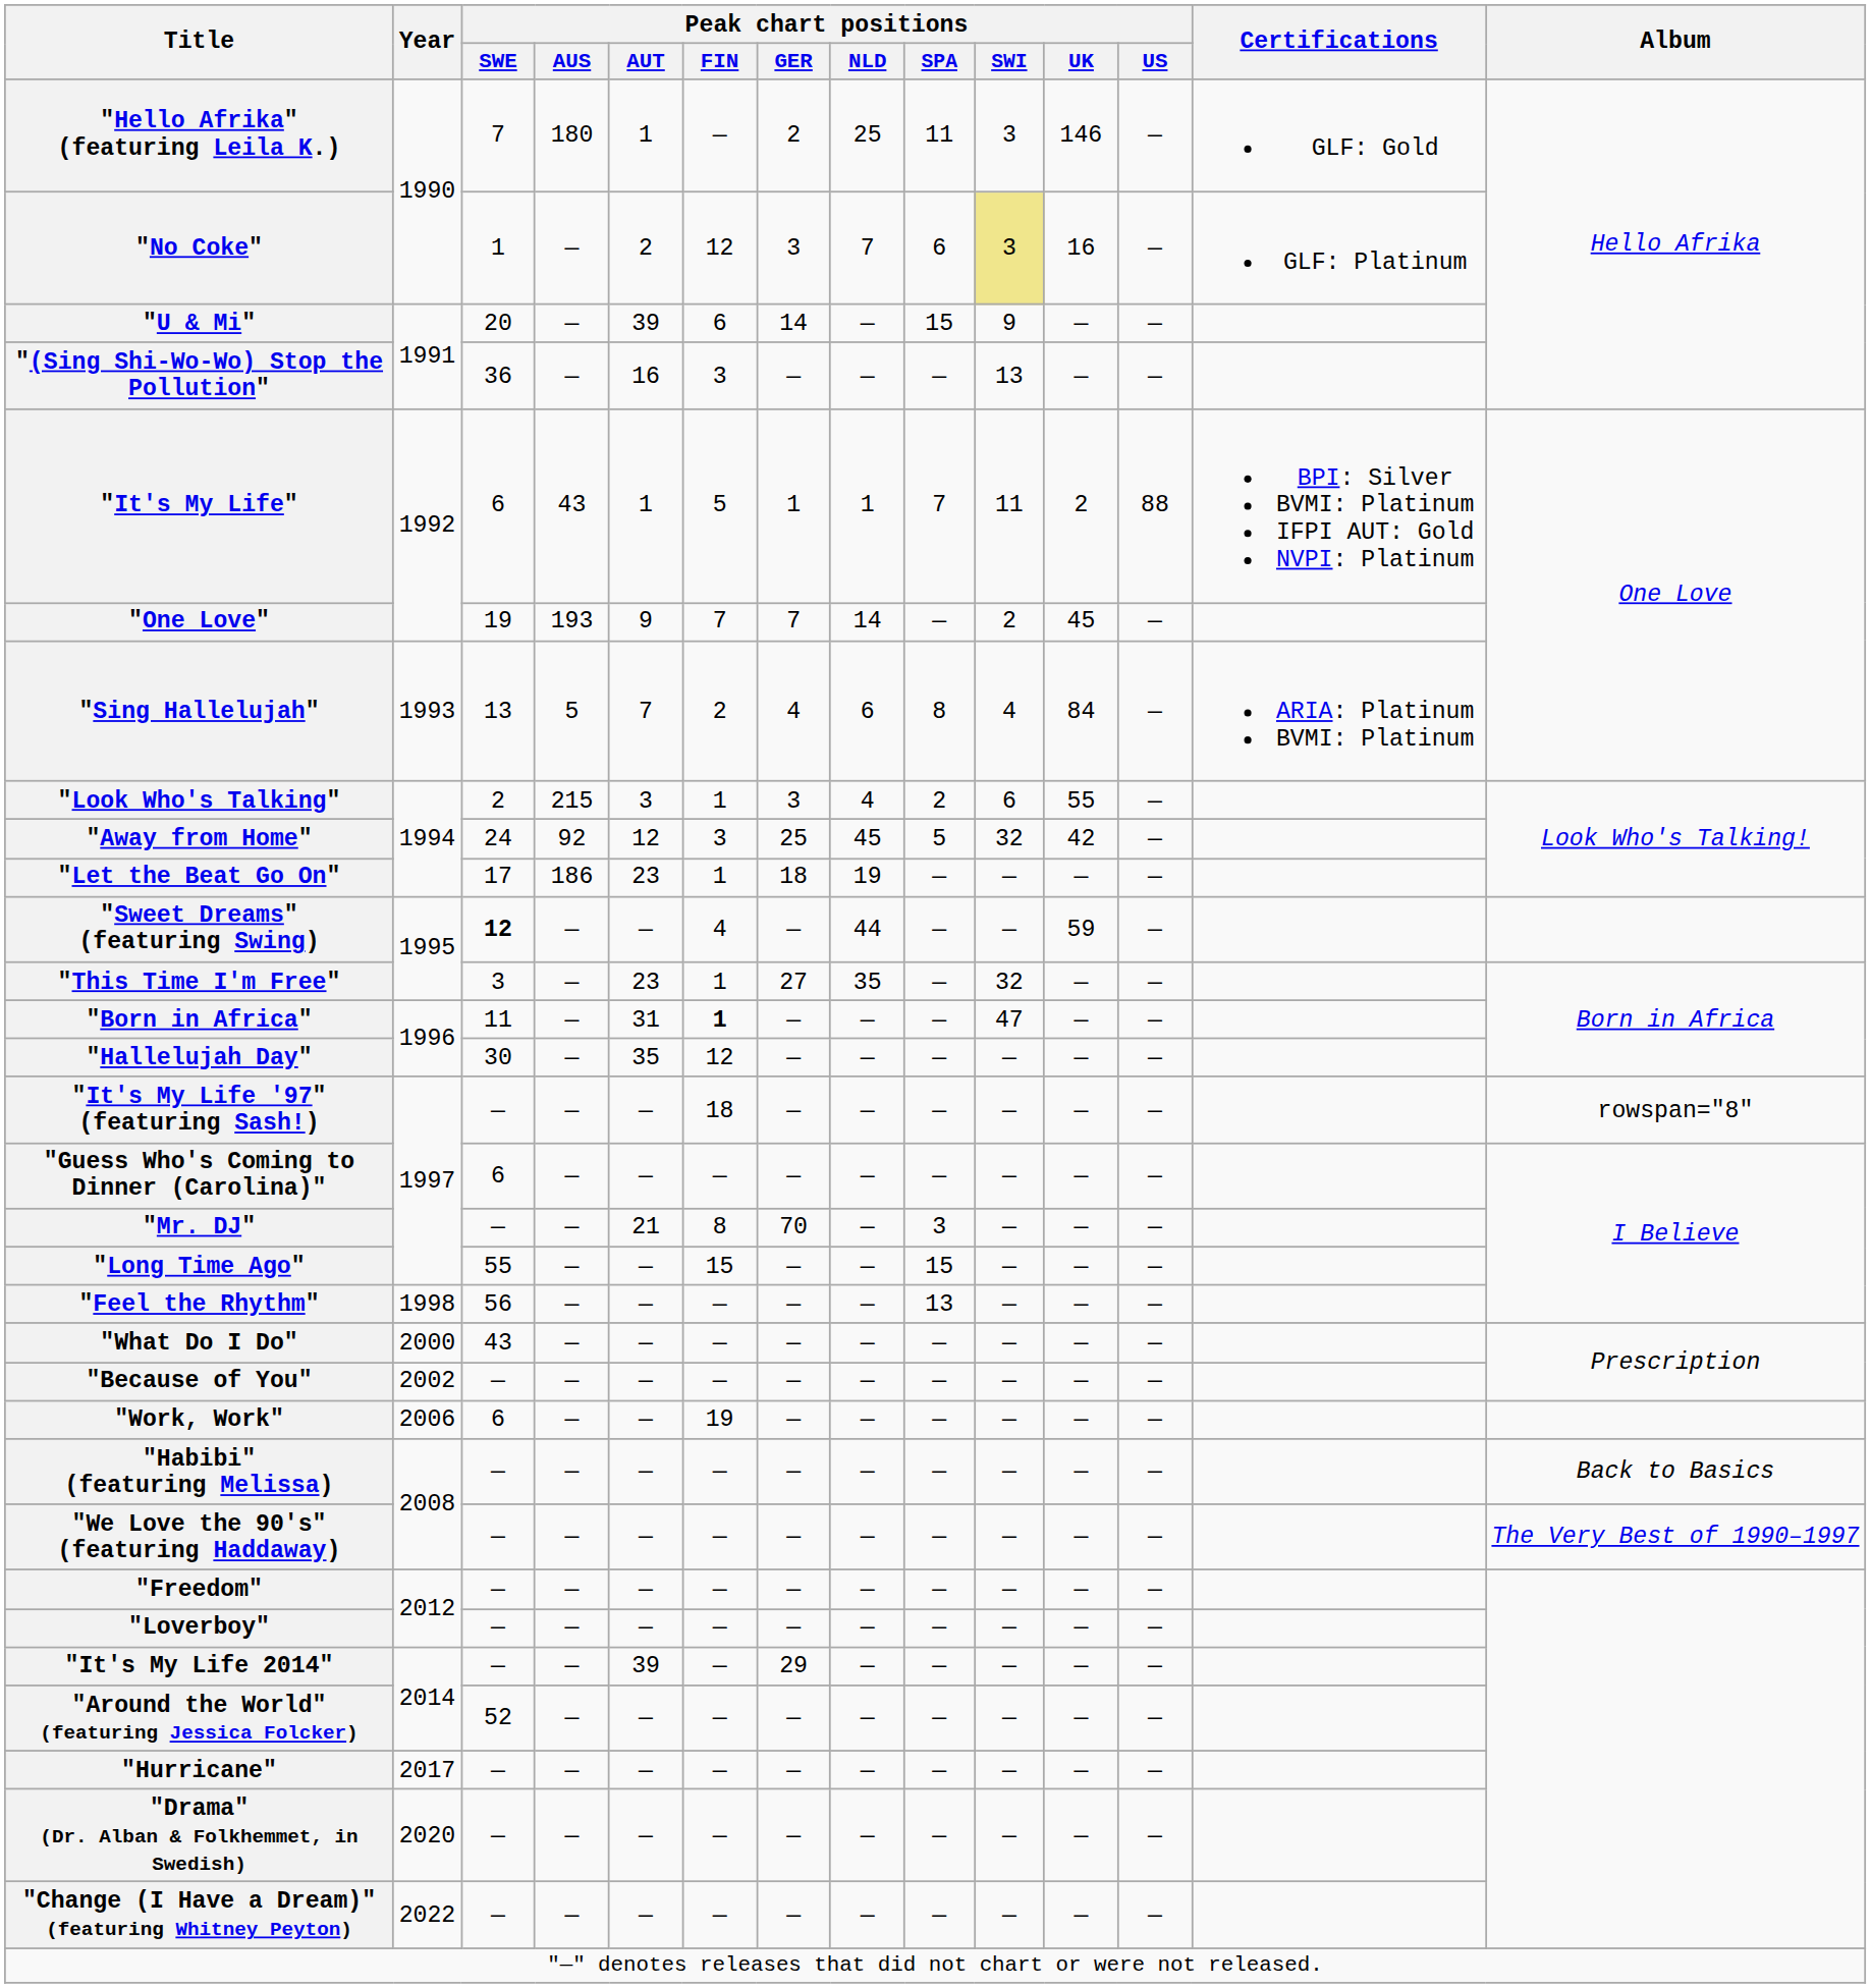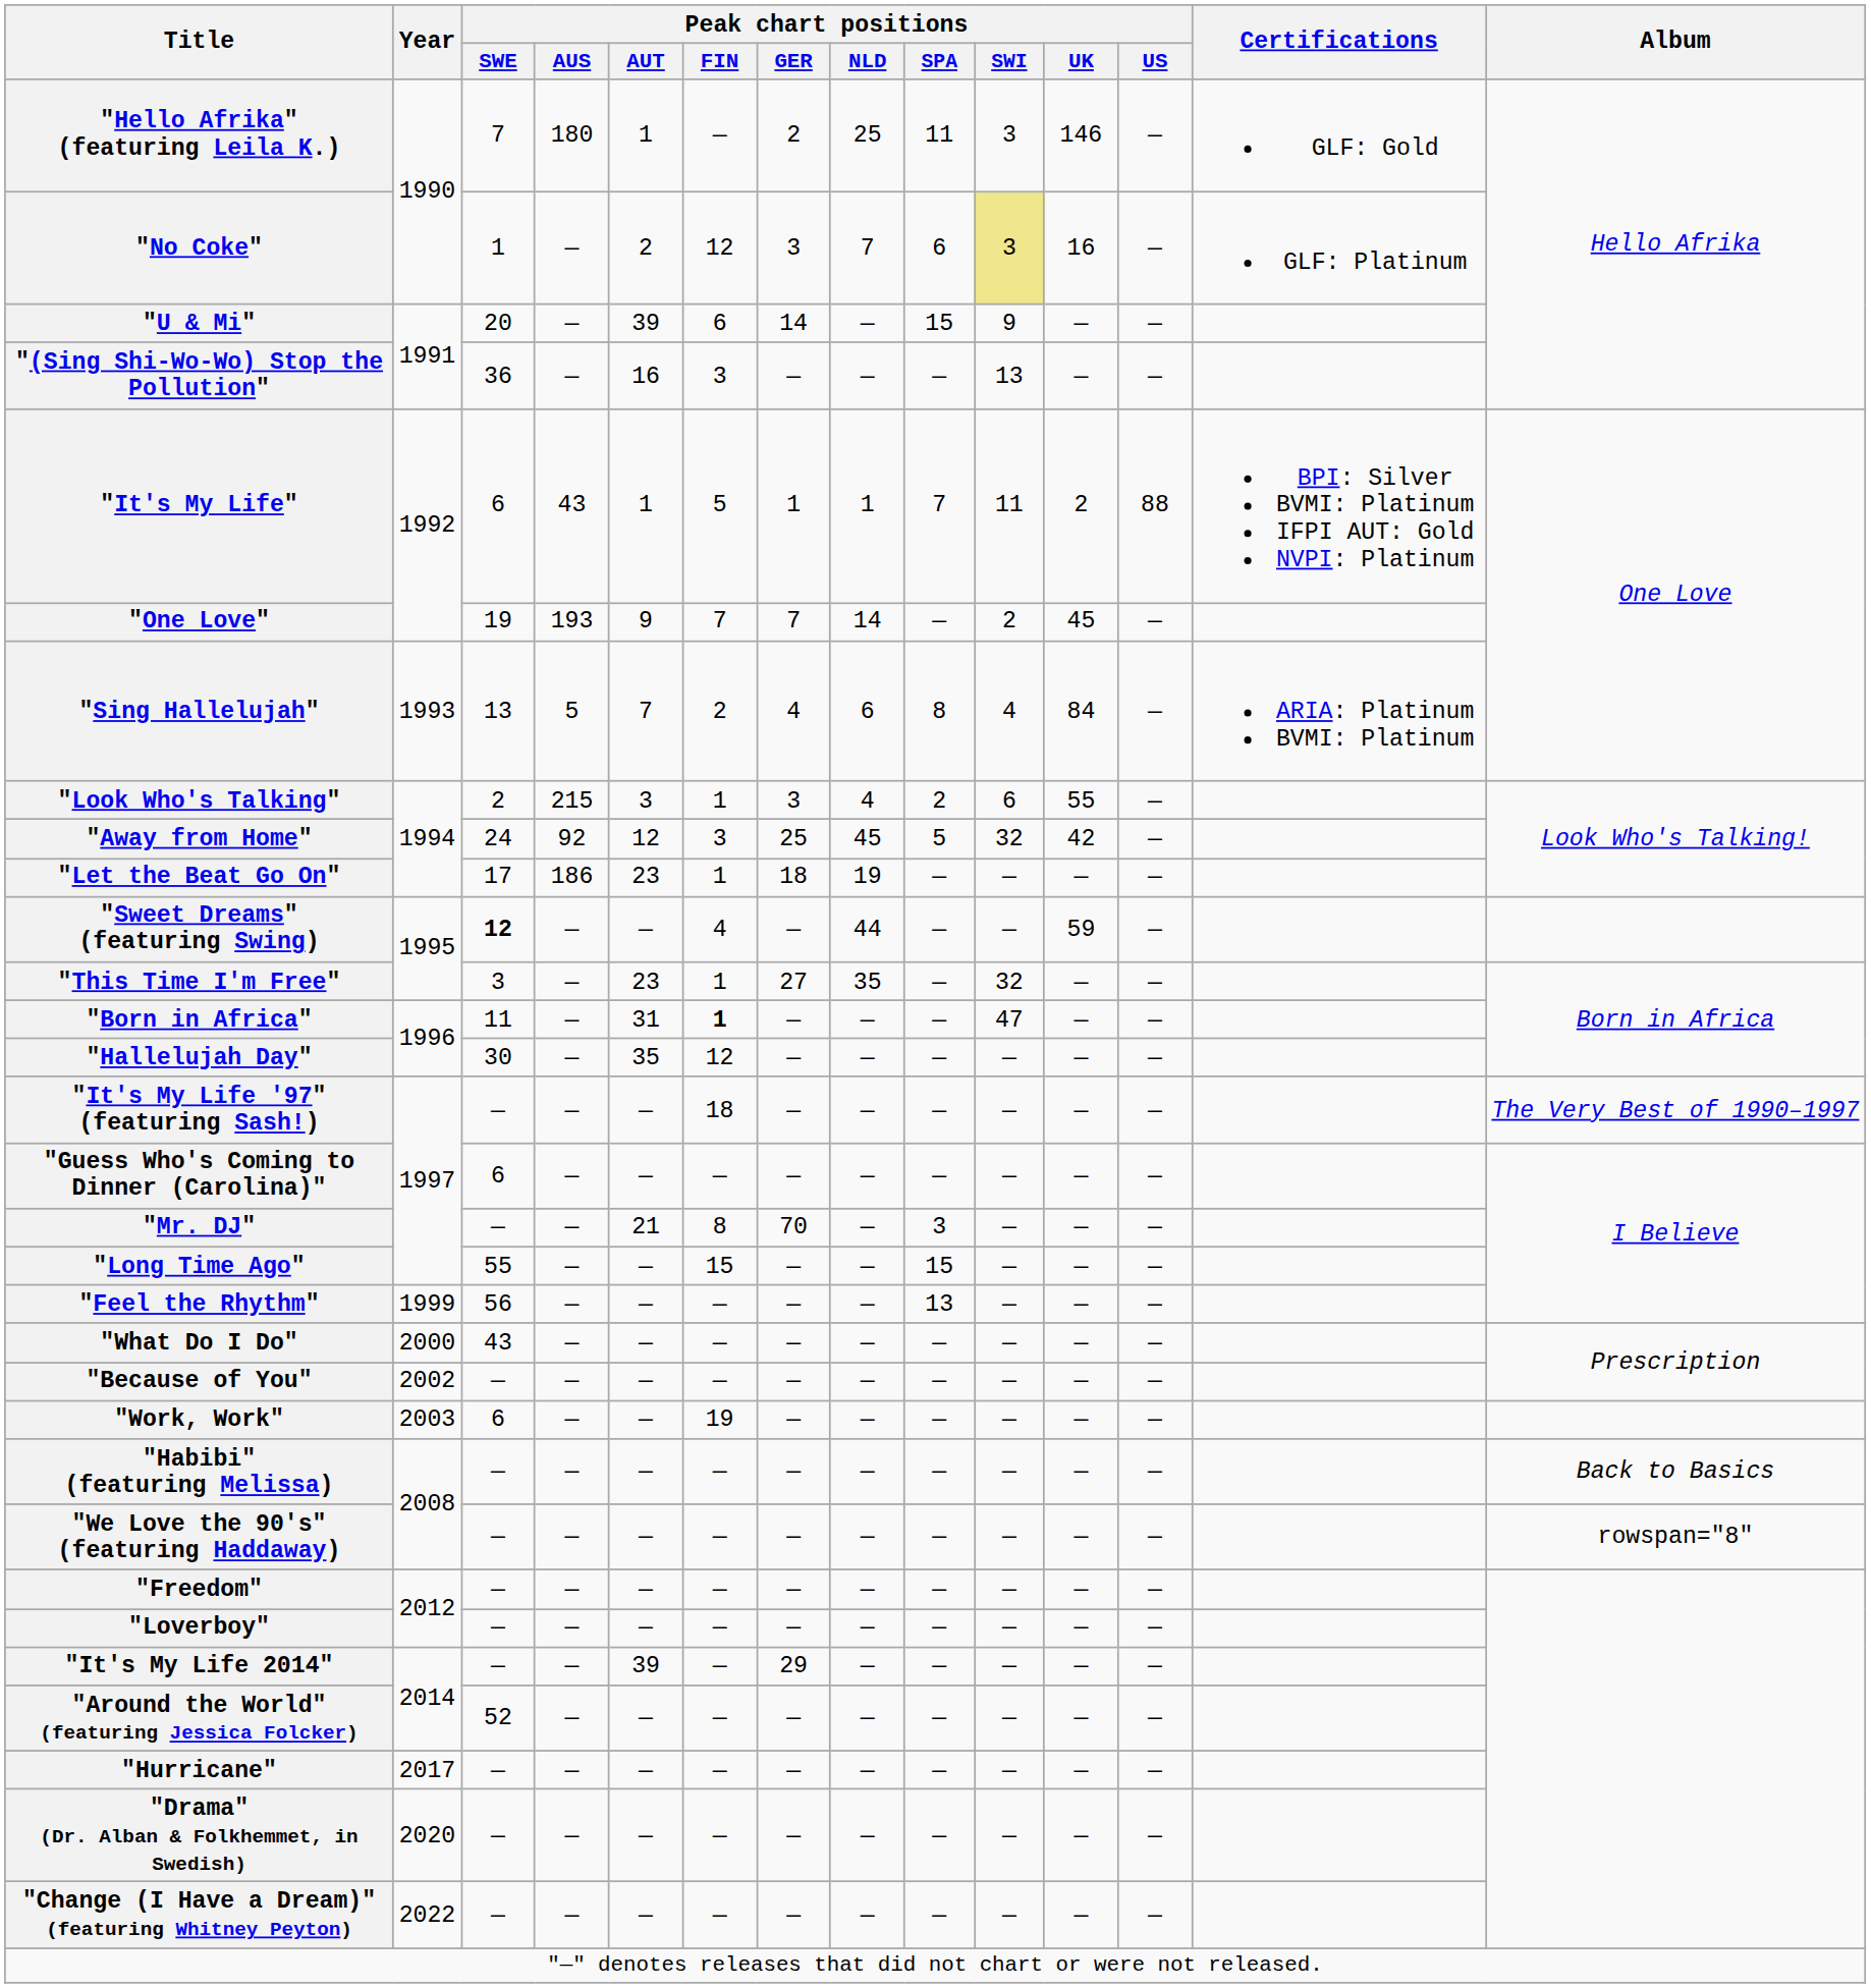 <table class="wikitable plainrowheaders" style="text-align:center;">
 <tr>
 <th scope="col" rowspan="2" style="width:16em;">Title</th>
 <th scope="col" rowspan="2">Year</th>
 <th scope="col" colspan="10">Peak chart positions</th>
 <th scope="col" rowspan="2" style="width:12em;"><a href='#'>Certifications</a></th>
 <th scope="col" rowspan="2">Album</th>
 </tr>
 <tr>
 <th style="width:3em;font-size:90%"><a href='#'>SWE</a><br></th>
 <th style="width:3em;font-size:90%"><a href='#'>AUS</a><br></th>
 <th style="width:3em;font-size:90%"><a href='#'>AUT</a><br></th>
 <th style="width:3em;font-size:90%"><a href='#'>FIN</a><br></th>
 <th style="width:3em;font-size:90%"><a href='#'>GER</a><br></th>
 <th style="width:3em;font-size:90%"><a href='#'>NLD</a><br></th>
 <th style="width:3em;font-size:85%"><a href='#'>SPA</a><br></th>
 <th style="width:3em;font-size:85%"><a href='#'>SWI</a><br></th>
 <th style="width:3em;font-size:90%"><a href='#'>UK</a><br></th>
 <th style="width:3em;font-size:90%"><a href='#'>US</a><br></th>
 </tr>
 <tr>
 <th scope="row">"<a href='#'>Hello Afrika</a>"<br><span>(featuring <a href='#'>Leila K</a>.)</span></th>
 <td rowspan="2">1990</td>
 <td>7</td>
 <td>180</td>
 <td>1</td>
 <td>—</td>
 <td>2</td>
 <td>25</td>
 <td>11</td>
 <td>3</td>
 <td>146</td>
 <td>—</td>
 <td><br><ul><li>GLF: Gold</li></ul></td>
 <td rowspan="4"><em><a href='#'>Hello Afrika</a></em></td>
 </tr>
 <tr>
 <th scope="row">"<a href='#'>No Coke</a>"</th>
 <td>1</td>
 <td>—</td>
 <td>2</td>
 <td>12</td>
 <td>3</td>
 <td>7</td>
 <td>6</td>
 <td style="background: khaki;">3</td>
 <td>16</td>
 <td>—</td>
 <td><br><ul><li>GLF: Platinum</li></ul></td>
 </tr>
 <tr>
 <th scope="row">"<a href='#'>U & Mi</a>"</th>
 <td rowspan="2">1991</td>
 <td>20</td>
 <td>—</td>
 <td>39</td>
 <td>6</td>
 <td>14</td>
 <td>—</td>
 <td>15</td>
 <td>9</td>
 <td>—</td>
 <td>—</td>
 <td></td>
 </tr>
 <tr>
 <th scope="row">"<a href='#'>(Sing Shi-Wo-Wo) Stop the Pollution</a>"</th>
 <td>36</td>
 <td>—</td>
 <td>16</td>
 <td>3</td>
 <td>—</td>
 <td>—</td>
 <td>—</td>
 <td>13</td>
 <td>—</td>
 <td>—</td>
 <td></td>
 </tr>
 <tr>
 <th scope="row">"<a href='#'>It's My Life</a>"</th>
 <td rowspan="2">1992</td>
 <td>6</td>
 <td>43</td>
 <td>1</td>
 <td>5</td>
 <td>1</td>
 <td>1</td>
 <td>7</td>
 <td>11</td>
 <td>2</td>
 <td>88</td>
 <td><br><ul><li><a href='#'>BPI</a>: Silver</li><li>BVMI: Platinum</li><li>IFPI AUT: Gold</li><li><a href='#'>NVPI</a>: Platinum</li></ul></td>
 <td rowspan="3"><em><a href='#'>One Love</a></em></td>
 </tr>
 <tr>
 <th scope="row">"<a href='#'>One Love</a>"</th>
 <td>19</td>
 <td>193</td>
 <td>9</td>
 <td>7</td>
 <td>7</td>
 <td>14</td>
 <td>—</td>
 <td>2</td>
 <td>45</td>
 <td>—</td>
 <td></td>
 </tr>
 <tr>
 <th scope="row">"<a href='#'>Sing Hallelujah</a>"</th>
 <td>1993</td>
 <td>13</td>
 <td>5</td>
 <td>7</td>
 <td>2</td>
 <td>4</td>
 <td>6</td>
 <td>8</td>
 <td>4</td>
 <td>84</td>
 <td>—</td>
 <td><br><ul><li><a href='#'>ARIA</a>: Platinum</li><li>BVMI: Platinum</li></ul></td>
 </tr>
 <tr>
 <th scope="row">"<a href='#'>Look Who's Talking</a>"</th>
 <td rowspan="3">1994</td>
 <td>2</td>
 <td>215</td>
 <td>3</td>
 <td>1</td>
 <td>3</td>
 <td>4</td>
 <td>2</td>
 <td>6</td>
 <td>55</td>
 <td>—</td>
 <td></td>
 <td rowspan="3"><em><a href='#'>Look Who's Talking!</a></em></td>
 </tr>
 <tr>
 <th scope="row">"<a href='#'>Away from Home</a>"</th>
 <td>24</td>
 <td>92</td>
 <td>12</td>
 <td>3</td>
 <td>25</td>
 <td>45</td>
 <td>5</td>
 <td>32</td>
 <td>42</td>
 <td>—</td>
 <td></td>
 </tr>
 <tr>
 <th scope="row">"<a href='#'>Let the Beat Go On</a>"</th>
 <td>17</td>
 <td>186</td>
 <td>23</td>
 <td>1</td>
 <td>18</td>
 <td>19</td>
 <td>—</td>
 <td>—</td>
 <td>—</td>
 <td>—</td>
 <td></td>
 </tr>
 <tr>
 <th scope="row">"<a href='#'>Sweet Dreams</a>"<br><span>(featuring <a href='#'>Swing</a>)</span></th>
 <td rowspan="2">1995</td>
 <td><strong>12</strong></td>
 <td>—</td>
 <td>—</td>
 <td>4</td>
 <td>—</td>
 <td>44</td>
 <td>—</td>
 <td>—</td>
 <td>59</td>
 <td>—</td>
 <td></td>
 <td></td>
 </tr>
 <tr>
 <th scope="row">"<a href='#'>This Time I'm Free</a>"</th>
 <td>3</td>
 <td>—</td>
 <td>23</td>
 <td>1</td>
 <td>27</td>
 <td>35</td>
 <td>—</td>
 <td>32</td>
 <td>—</td>
 <td>—</td>
 <td></td>
 <td rowspan="3"><em><a href='#'>Born in Africa</a></em></td>
 </tr>
 <tr>
 <th scope="row">"<a href='#'>Born in Africa</a>"</th>
 <td rowspan="2">1996</td>
 <td>11</td>
 <td>—</td>
 <td>31</td>
 <td><strong>1</strong></td>
 <td>—</td>
 <td>—</td>
 <td>—</td>
 <td>47</td>
 <td>—</td>
 <td>—</td>
 <td></td>
 </tr>
 <tr>
 <th scope="row">"<a href='#'>Hallelujah Day</a>"</th>
 <td>30</td>
 <td>—</td>
 <td>35</td>
 <td>12</td>
 <td>—</td>
 <td>—</td>
 <td>—</td>
 <td>—</td>
 <td>—</td>
 <td>—</td>
 <td></td>
 </tr>
 <tr>
 <th scope="row">"<a href='#'>It's My Life '97</a>"<br><span>(featuring <a href='#'>Sash!</a>)</span></th>
 <td rowspan="4">1997</td>
 <td>—</td>
 <td>—</td>
 <td>—</td>
 <td>18</td>
 <td>—</td>
 <td>—</td>
 <td>—</td>
 <td>—</td>
 <td>—</td>
 <td>—</td>
 <td></td>
-<td>rowspan="8" </td>
+<td><em><a href='#'>The Very Best of 1990–1997</a></em></td>
 </tr>
 <tr>
 <th scope="row">"Guess Who's Coming to Dinner (Carolina)"</th>
 <td>6</td>
 <td>—</td>
 <td>—</td>
 <td>—</td>
 <td>—</td>
 <td>—</td>
 <td>—</td>
 <td>—</td>
 <td>—</td>
 <td>—</td>
 <td></td>
 <td rowspan="4"><em><a href='#'>I Believe</a></em></td>
 </tr>
 <tr>
 <th scope="row">"<a href='#'>Mr. DJ</a>"</th>
 <td>—</td>
 <td>—</td>
 <td>21</td>
 <td>8</td>
 <td>70</td>
 <td>—</td>
 <td>3</td>
 <td>—</td>
 <td>—</td>
 <td>—</td>
 <td></td>
 </tr>
 <tr>
 <th scope="row">"<a href='#'>Long Time Ago</a>"</th>
 <td>55</td>
 <td>—</td>
 <td>—</td>
 <td>15</td>
 <td>—</td>
 <td>—</td>
 <td>15</td>
 <td>—</td>
 <td>—</td>
 <td>—</td>
 <td></td>
 </tr>
 <tr>
 <th scope="row">"<a href='#'>Feel the Rhythm</a>"</th>
-<td>1998</td>
+<td>1999</td>
 <td>56</td>
 <td>—</td>
 <td>—</td>
 <td>—</td>
 <td>—</td>
 <td>—</td>
 <td>13</td>
 <td>—</td>
 <td>—</td>
 <td>—</td>
 <td></td>
 </tr>
 <tr>
 <th scope="row">"What Do I Do"</th>
 <td>2000</td>
 <td>43</td>
 <td>—</td>
 <td>—</td>
 <td>—</td>
 <td>—</td>
 <td>—</td>
 <td>—</td>
 <td>—</td>
 <td>—</td>
 <td>—</td>
 <td></td>
 <td rowspan="2"><em>Prescription</em></td>
 </tr>
 <tr>
 <th scope="row">"Because of You"</th>
 <td>2002</td>
 <td>—</td>
 <td>—</td>
 <td>—</td>
 <td>—</td>
 <td>—</td>
 <td>—</td>
 <td>—</td>
 <td>—</td>
 <td>—</td>
 <td>—</td>
 <td></td>
 </tr>
 <tr>
 <th scope="row">"Work, Work"</th>
-<td>2006</td>
+<td>2003</td>
 <td>6</td>
 <td>—</td>
 <td>—</td>
 <td>19</td>
 <td>—</td>
 <td>—</td>
 <td>—</td>
 <td>—</td>
 <td>—</td>
 <td>—</td>
 <td></td>
 <td></td>
 </tr>
 <tr>
 <th scope="row">"Habibi"<br><span>(featuring <a href='#'>Melissa</a>)</span></th>
 <td rowspan="2">2008</td>
 <td>—</td>
 <td>—</td>
 <td>—</td>
 <td>—</td>
 <td>—</td>
 <td>—</td>
 <td>—</td>
 <td>—</td>
 <td>—</td>
 <td>—</td>
 <td></td>
 <td><em>Back to Basics</em></td>
 </tr>
 <tr>
 <th scope="row">"We Love the 90's"<br><span>(featuring <a href='#'>Haddaway</a>)</span></th>
 <td>—</td>
 <td>—</td>
 <td>—</td>
 <td>—</td>
 <td>—</td>
 <td>—</td>
 <td>—</td>
 <td>—</td>
 <td>—</td>
 <td>—</td>
 <td></td>
-<td><em><a href='#'>The Very Best of 1990–1997</a></em></td>
+<td>rowspan="8" </td>
 </tr>
 <tr>
 <th scope="row">"Freedom"</th>
 <td rowspan="2">2012</td>
 <td>—</td>
 <td>—</td>
 <td>—</td>
 <td>—</td>
 <td>—</td>
 <td>—</td>
 <td>—</td>
 <td>—</td>
 <td>—</td>
 <td>—</td>
 <td></td>
 </tr>
 <tr>
 <th scope="row">"Loverboy"</th>
 <td>—</td>
 <td>—</td>
 <td>—</td>
 <td>—</td>
 <td>—</td>
 <td>—</td>
 <td>—</td>
 <td>—</td>
 <td>—</td>
 <td>—</td>
 <td></td>
 </tr>
 <tr>
 <th scope="row">"It's My Life 2014"</th>
 <td rowspan="2">2014</td>
 <td>—</td>
 <td>—</td>
 <td>39</td>
 <td>—</td>
 <td>29</td>
 <td>—</td>
 <td>—</td>
 <td>—</td>
 <td>—</td>
 <td>—</td>
 <td></td>
 </tr>
 <tr>
 <th scope="row">"Around the World"<br><small>(featuring <a href='#'>Jessica Folcker</a>)</small></th>
 <td>52</td>
 <td>—</td>
 <td>—</td>
 <td>—</td>
 <td>—</td>
 <td>—</td>
 <td>—</td>
 <td>—</td>
 <td>—</td>
 <td>—</td>
 <td></td>
 </tr>
 <tr>
 <th scope="row">"Hurricane"</th>
 <td>2017</td>
 <td>—</td>
 <td>—</td>
 <td>—</td>
 <td>—</td>
 <td>—</td>
 <td>—</td>
 <td>—</td>
 <td>—</td>
 <td>—</td>
 <td>—</td>
 <td></td>
 </tr>
 <tr>
 <th scope="row">"Drama"<br><small>(Dr. Alban & Folkhemmet, in Swedish)</small></th>
 <td>2020</td>
 <td>—</td>
 <td>—</td>
 <td>—</td>
 <td>—</td>
 <td>—</td>
 <td>—</td>
 <td>—</td>
 <td>—</td>
 <td>—</td>
 <td>—</td>
 <td></td>
 </tr>
 <tr>
 <th scope="row">"Change (I Have a Dream)"<br><small>(featuring <a href='#'>Whitney Peyton</a>)</small></th>
 <td>2022</td>
 <td>—</td>
 <td>—</td>
 <td>—</td>
 <td>—</td>
 <td>—</td>
 <td>—</td>
 <td>—</td>
 <td>—</td>
 <td>—</td>
 <td>—</td>
 <td></td>
 </tr>
 <tr>
 <td align="center" colspan="14" style="font-size:90%">"—" denotes releases that did not chart or were not released.</td>
 </tr>
 </table>
